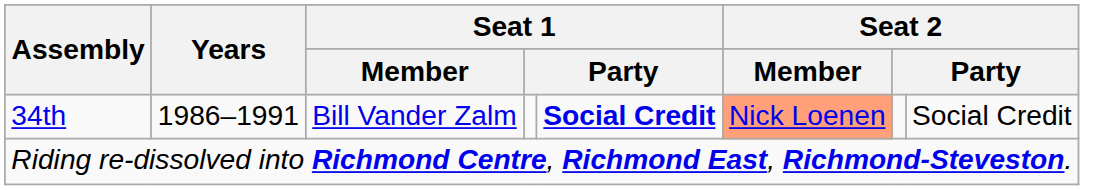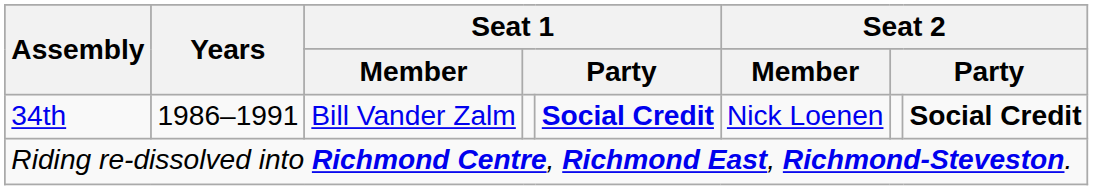 <table class="wikitable">
 <tr>
 <th rowspan="2">Assembly</th>
 <th rowspan="2">Years</th>
 <th colspan="3">Seat 1</th>
 <th colspan="3">Seat 2</th>
 </tr>
 <tr>
 <th>Member</th>
 <th colspan="2">Party</th>
 <th>Member</th>
 <th colspan="2">Party</th>
 </tr>
 <tr>
 <td><a href='#'>34th</a></td>
 <td>1986–1991</td>
 <td><a href='#'>Bill Vander Zalm</a></td>
 <td></td>
 <td><strong><a href='#'>Social Credit</a></strong></td>
-<td style="background: lightsalmon;"><a href='#'>Nick Loenen</a></td>
+<td><a href='#'>Nick Loenen</a></td>
 <td></td>
-<td>Social Credit</td>
+<td><strong>Social Credit</strong></td>
 </tr>
 <tr>
 <td colspan="8"><em>Riding re-dissolved into <strong><a href='#'>Richmond Centre</a></strong>, <strong><a href='#'>Richmond East</a></strong>, <strong><a href='#'>Richmond-Steveston</a></strong>.</em></td>
 </tr>
 </table>
